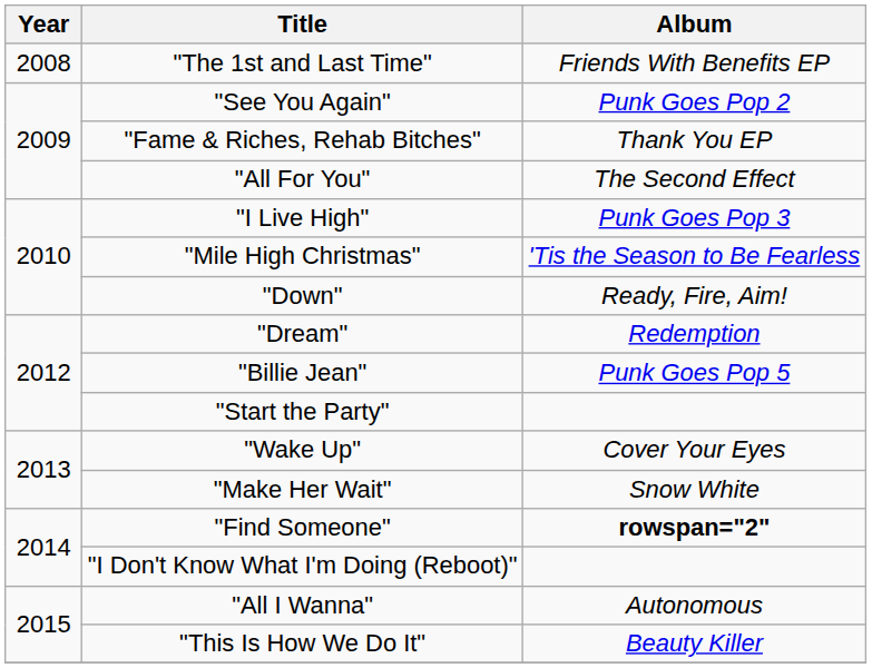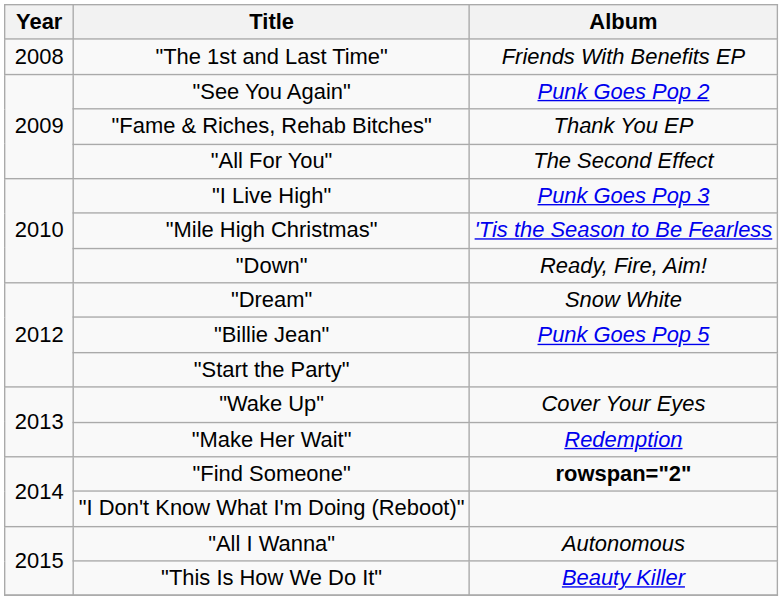 <table class="wikitable" style="text-align:center;">
 <tr>
 <th rowspan="1" width="43">Year</th>
 <th rowspan="1">Title</th>
 <th rowspan="1">Album</th>
 </tr>
 <tr>
 <td>2008</td>
 <td>"The 1st and Last Time"<br></td>
 <td><em>Friends With Benefits EP</em></td>
 </tr>
 <tr>
 <td rowspan="3">2009</td>
 <td>"See You Again"<br></td>
 <td><em><a href='#'>Punk Goes Pop 2</a></em></td>
 </tr>
 <tr>
 <td>"Fame & Riches, Rehab Bitches"<br></td>
 <td><em>Thank You EP</em></td>
 </tr>
 <tr>
 <td>"All For You" <br></td>
 <td><em>The Second Effect</em></td>
 </tr>
 <tr>
 <td rowspan="3">2010</td>
 <td>"I Live High"<br></td>
 <td><em><a href='#'>Punk Goes Pop 3</a></em></td>
 </tr>
 <tr>
 <td>"Mile High Christmas"</td>
 <td><em><a href='#'>'Tis the Season to Be Fearless</a></em></td>
 </tr>
 <tr>
 <td>"Down"<br></td>
 <td><em>Ready, Fire, Aim!</em></td>
 </tr>
 <tr>
 <td rowspan="3">2012</td>
 <td>"Dream"<br></td>
-<td><em><a href='#'>Redemption</a></em></td>
+<td><em>Snow White</em></td>
 </tr>
 <tr>
 <td>"Billie Jean"<br></td>
 <td><em><a href='#'>Punk Goes Pop 5</a></em></td>
 </tr>
 <tr>
 <td>"Start the Party" <br></td>
 <td></td>
 </tr>
 <tr>
 <td rowspan="2">2013</td>
 <td>"Wake Up"<br></td>
 <td><em>Cover Your Eyes</em></td>
 </tr>
 <tr>
 <td>"Make Her Wait"<br></td>
-<td><em>Snow White</em></td>
+<td><em><a href='#'>Redemption</a></em></td>
 </tr>
 <tr>
 <td rowspan="2">2014</td>
 <td>"Find Someone" <br></td>
 <td><strong>rowspan="2" </strong></td>
 </tr>
 <tr>
 <td>"I Don't Know What I'm Doing (Reboot)"<br></td>
 </tr>
 <tr>
 <td rowspan="2">2015</td>
 <td>"All I Wanna"<br></td>
 <td><em>Autonomous</em></td>
 </tr>
 <tr>
 <td>"This Is How We Do It"<br></td>
 <td><em><a href='#'>Beauty Killer</a></em></td>
 </tr>
 <tr>
 </tr>
 </table>
